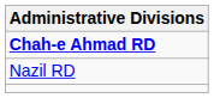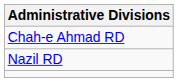 <table class="wikitable">
 <tr>
 <th>Administrative Divisions</th>
 </tr>
 <tr>
-<td><strong><a href='#'>Chah-e Ahmad RD</a></strong></td>
+<td><a href='#'>Chah-e Ahmad RD</a></td>
 </tr>
 <tr>
 <td><a href='#'>Nazil RD</a></td>
 </tr>
 <tr>
 <td colspan=1></td>
 </tr>
 </table>
